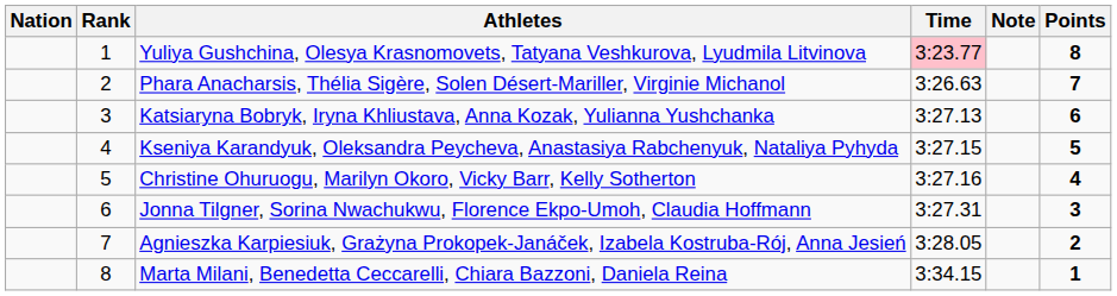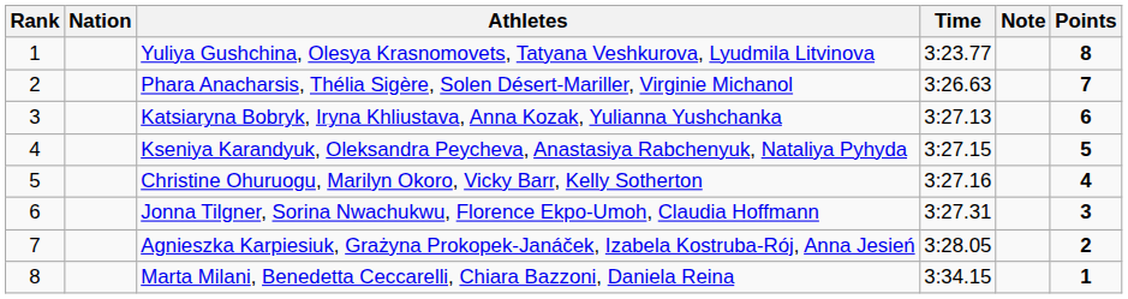 <table class="wikitable sortable" style="text-align:center">
 <tr>
+<th>Rank</th>
 <th>Nation</th>
-<th>Rank</th>
 <th>Athletes</th>
 <th>Time</th>
 <th>Note</th>
 <th>Points</th>
 </tr>
 <tr>
+<td>1</td>
 <td align=left></td>
-<td>1</td>
 <td align=left><a href='#'>Yuliya Gushchina</a>, <a href='#'>Olesya Krasnomovets</a>, <a href='#'>Tatyana Veshkurova</a>, <a href='#'>Lyudmila Litvinova</a></td>
-<td style="background: pink;">3:23.77</td>
+<td>3:23.77</td>
 <td></td>
 <td><strong>8</strong></td>
 </tr>
 <tr>
+<td>2</td>
 <td align=left></td>
-<td>2</td>
 <td align=left><a href='#'>Phara Anacharsis</a>, <a href='#'>Thélia Sigère</a>, <a href='#'>Solen Désert-Mariller</a>, <a href='#'>Virginie Michanol</a></td>
 <td>3:26.63</td>
 <td></td>
 <td><strong>7</strong></td>
 </tr>
 <tr>
+<td>3</td>
 <td align=left></td>
-<td>3</td>
 <td align=left><a href='#'>Katsiaryna Bobryk</a>, <a href='#'>Iryna Khliustava</a>, <a href='#'>Anna Kozak</a>, <a href='#'>Yulianna Yushchanka</a></td>
 <td>3:27.13</td>
 <td></td>
 <td><strong>6</strong></td>
 </tr>
 <tr>
+<td>4</td>
 <td align=left></td>
-<td>4</td>
 <td align=left><a href='#'>Kseniya Karandyuk</a>, <a href='#'>Oleksandra Peycheva</a>, <a href='#'>Anastasiya Rabchenyuk</a>, <a href='#'>Nataliya Pyhyda</a></td>
 <td>3:27.15</td>
 <td></td>
 <td><strong>5</strong></td>
 </tr>
 <tr>
+<td>5</td>
 <td align=left></td>
-<td>5</td>
 <td align=left><a href='#'>Christine Ohuruogu</a>, <a href='#'>Marilyn Okoro</a>, <a href='#'>Vicky Barr</a>, <a href='#'>Kelly Sotherton</a></td>
 <td>3:27.16</td>
 <td></td>
 <td><strong>4</strong></td>
 </tr>
 <tr>
+<td>6</td>
 <td align=left></td>
-<td>6</td>
 <td align=left><a href='#'>Jonna Tilgner</a>, <a href='#'>Sorina Nwachukwu</a>, <a href='#'>Florence Ekpo-Umoh</a>, <a href='#'>Claudia Hoffmann</a></td>
 <td>3:27.31</td>
 <td></td>
 <td><strong>3</strong></td>
 </tr>
 <tr>
+<td>7</td>
 <td align=left></td>
-<td>7</td>
 <td align=left><a href='#'>Agnieszka Karpiesiuk</a>, <a href='#'>Grażyna Prokopek-Janáček</a>, <a href='#'>Izabela Kostruba-Rój</a>, <a href='#'>Anna Jesień</a></td>
 <td>3:28.05</td>
 <td></td>
 <td><strong>2</strong></td>
 </tr>
 <tr>
+<td>8</td>
 <td align=left></td>
-<td>8</td>
 <td align=left><a href='#'>Marta Milani</a>, <a href='#'>Benedetta Ceccarelli</a>, <a href='#'>Chiara Bazzoni</a>, <a href='#'>Daniela Reina</a></td>
 <td>3:34.15</td>
 <td></td>
 <td><strong>1</strong></td>
 </tr>
 </table>
